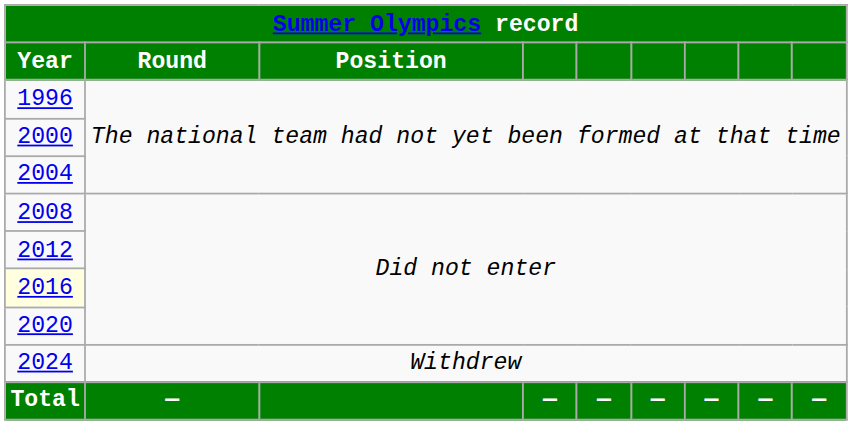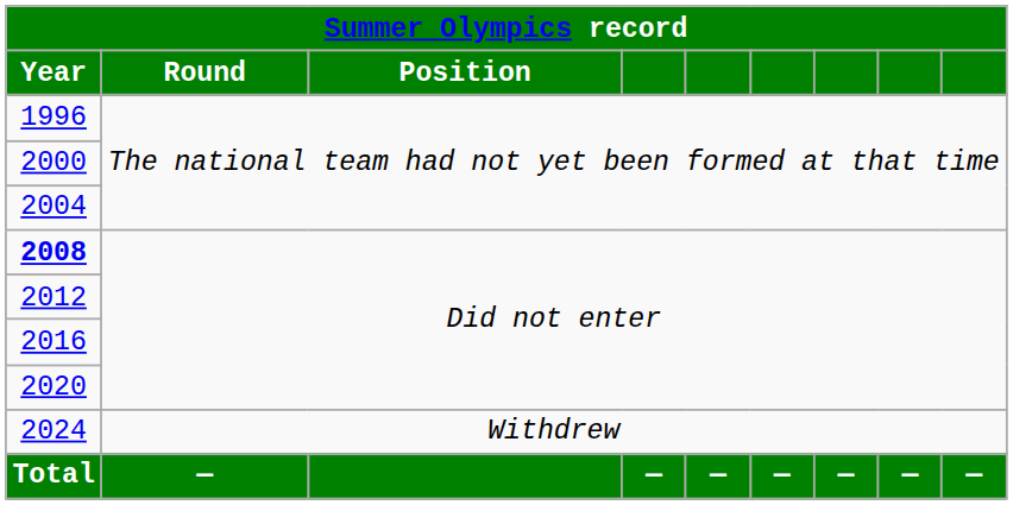 <table class="wikitable" style="text-align:center">
 <tr>
 <th colspan="9" style="background:green; color:#FFF; "><a href='#'><span>Summer Olympics</span></a> record</th>
 </tr>
 <tr>
 <th style="background:green; color:#FFF; ">Year</th>
 <th style="background:green; color:#FFF; ">Round</th>
 <th style="background:green; color:#FFF; ">Position</th>
 <th style="background:green; color:#FFF; "></th>
 <th style="background:green; color:#FFF; "></th>
 <th style="background:green; color:#FFF; "></th>
 <th style="background:green; color:#FFF; "></th>
 <th style="background:green; color:#FFF; "></th>
 <th style="background:green; color:#FFF; "></th>
 </tr>
 <tr>
 <td> <a href='#'>1996</a></td>
 <td rowspan="3" colspan="8"><em>The national team had not yet been formed at that time</em></td>
 </tr>
 <tr>
 <td> <a href='#'>2000</a></td>
 </tr>
 <tr>
 <td> <a href='#'>2004</a></td>
 </tr>
 <tr>
-<td> <a href='#'>2008</a></td>
+<td><strong> <a href='#'>2008</a></strong></td>
 <td rowspan="4" colspan="8"><em>Did not enter</em></td>
 </tr>
 <tr>
 <td> <a href='#'>2012</a></td>
 </tr>
 <tr>
-<td style="background: lightyellow;"> <a href='#'>2016</a></td>
+<td> <a href='#'>2016</a></td>
 </tr>
 <tr>
 <td> <a href='#'>2020</a></td>
 </tr>
 <tr>
 <td> <a href='#'>2024</a></td>
 <td colspan="8"><em>Withdrew</em></td>
 </tr>
 <tr>
 <th style="background:green; color:#FFF; ">Total</th>
 <th style="background:green; color:#FFF; ">—</th>
 <th style="background:green; color:#FFF; "></th>
 <th style="background:green; color:#FFF; ">—</th>
 <th style="background:green; color:#FFF; ">—</th>
 <th style="background:green; color:#FFF; ">—</th>
 <th style="background:green; color:#FFF; ">—</th>
 <th style="background:green; color:#FFF; ">—</th>
 <th style="background:green; color:#FFF; ">—</th>
 </tr>
 </table>
